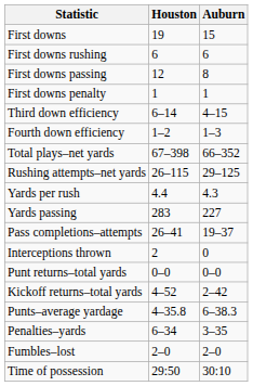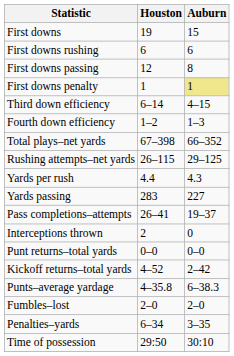 <table class="wikitable">
 <tr>
 <th>Statistic</th>
 <th><strong>Houston</strong></th>
 <th><strong>Auburn</strong></th>
 </tr>
 <tr>
 <td>First downs</td>
 <td>19</td>
 <td>15</td>
 </tr>
 <tr>
 <td>First downs rushing</td>
 <td>6</td>
 <td>6</td>
 </tr>
 <tr>
 <td>First downs passing</td>
 <td>12</td>
 <td>8</td>
 </tr>
 <tr>
 <td>First downs penalty</td>
 <td>1</td>
-<td>1</td>
+<td style="background: khaki;">1</td>
 </tr>
 <tr>
 <td>Third down efficiency</td>
 <td>6–14</td>
 <td>4–15</td>
 </tr>
 <tr>
 <td>Fourth down efficiency</td>
 <td>1–2</td>
 <td>1–3</td>
 </tr>
 <tr>
 <td>Total plays–net yards</td>
 <td>67–398</td>
 <td>66–352</td>
 </tr>
 <tr>
 <td>Rushing attempts–net yards</td>
 <td>26–115</td>
 <td>29–125</td>
 </tr>
 <tr>
 <td>Yards per rush</td>
 <td>4.4</td>
 <td>4.3</td>
 </tr>
 <tr>
 <td>Yards passing</td>
 <td>283</td>
 <td>227</td>
 </tr>
 <tr>
 <td>Pass completions–attempts</td>
 <td>26–41</td>
 <td>19–37</td>
 </tr>
 <tr>
 <td>Interceptions thrown</td>
 <td>2</td>
 <td>0</td>
 </tr>
 <tr>
 <td>Punt returns–total yards</td>
 <td>0–0</td>
 <td>0–0</td>
 </tr>
 <tr>
 <td>Kickoff returns–total yards</td>
 <td>4–52</td>
 <td>2–42</td>
 </tr>
 <tr>
 <td>Punts–average yardage</td>
 <td>4–35.8</td>
 <td>6–38.3</td>
 </tr>
 <tr>
+<td>Fumbles–lost</td>
+<td>2–0</td>
+<td>2–0</td>
+</tr>
+<tr>
 <td>Penalties–yards</td>
 <td>6–34</td>
 <td>3–35</td>
-</tr>
-<tr>
-<td>Fumbles–lost</td>
-<td>2–0</td>
-<td>2–0</td>
 </tr>
 <tr>
 <td>Time of possession</td>
 <td>29:50</td>
 <td>30:10</td>
 </tr>
 </table>
